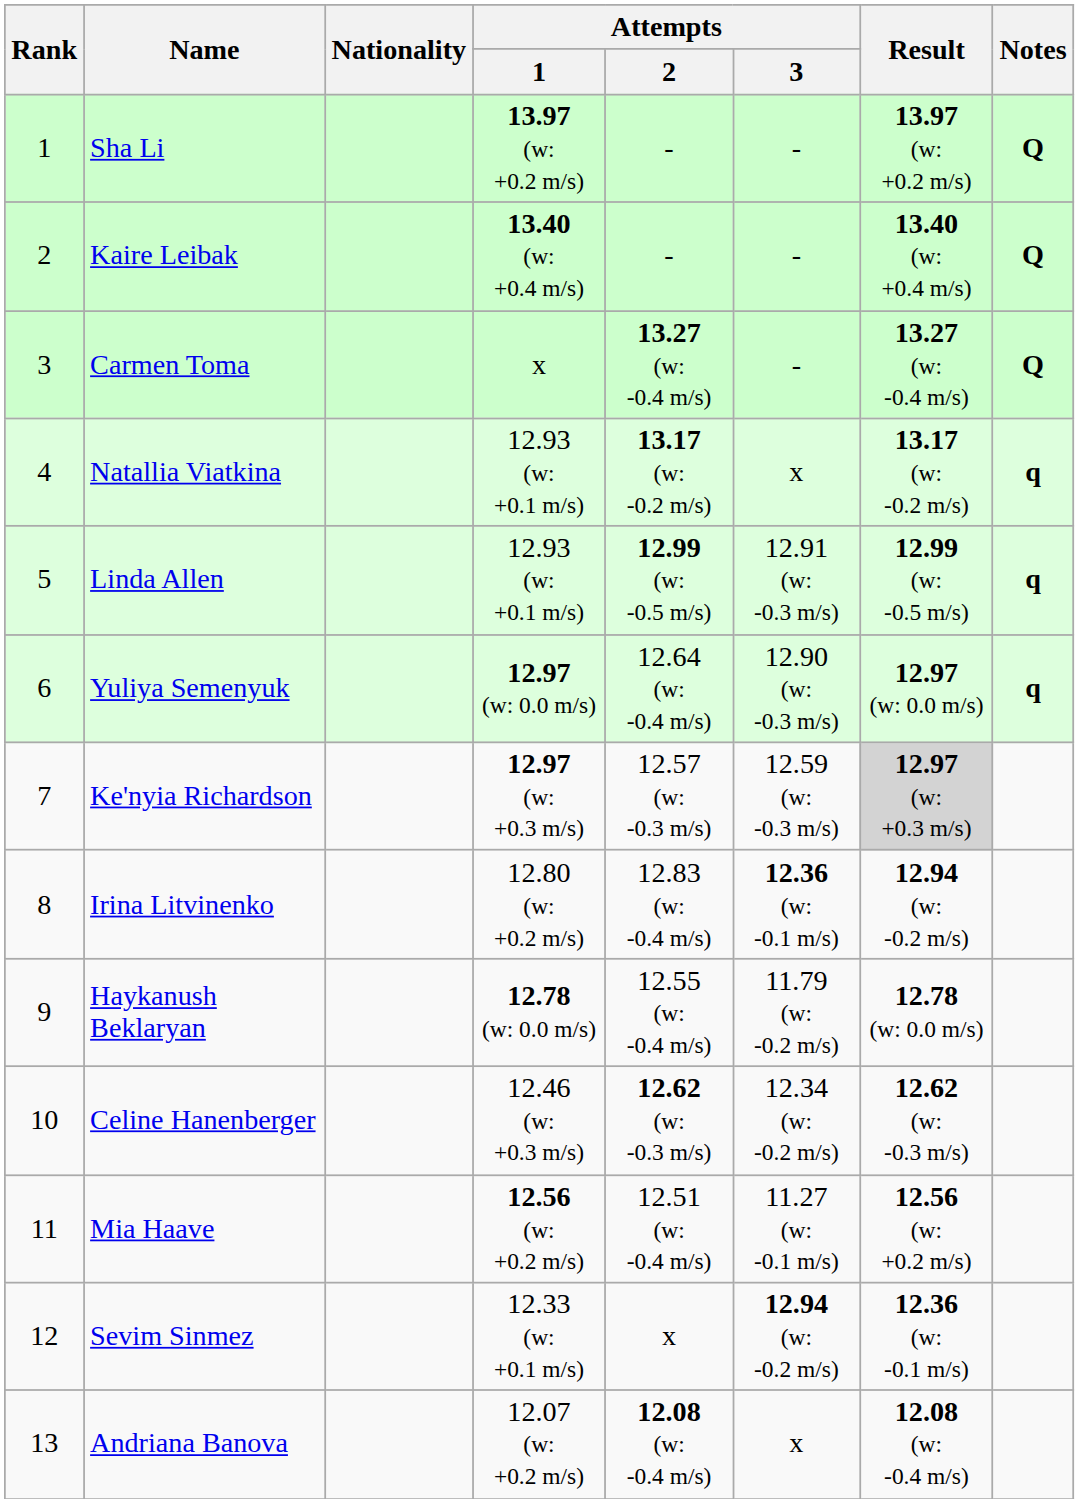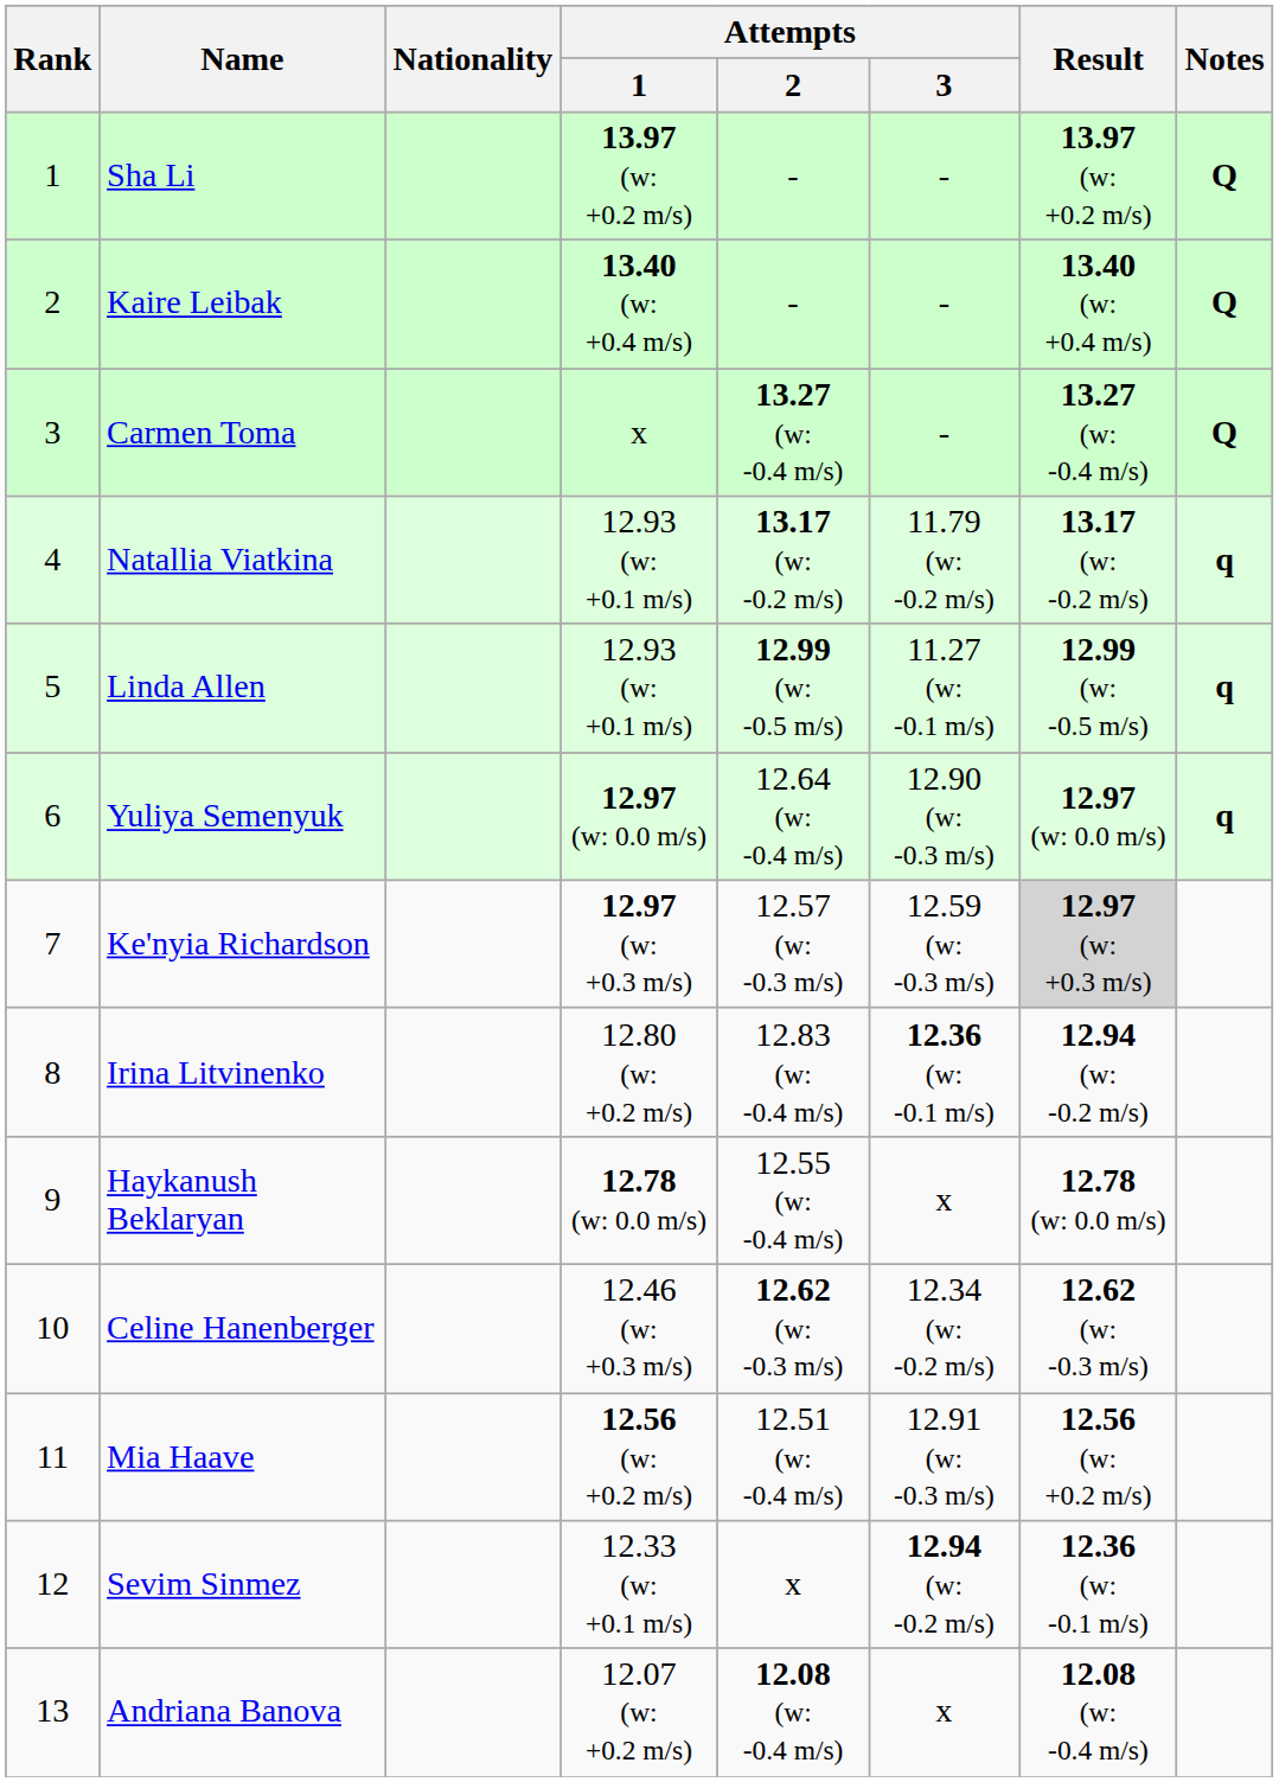 <table class="wikitable sortable" style="text-align:center">
 <tr>
 <th rowspan=2>Rank</th>
 <th rowspan=2>Name</th>
 <th rowspan=2>Nationality</th>
 <th colspan=3>Attempts</th>
 <th rowspan=2>Result</th>
 <th rowspan=2>Notes</th>
 </tr>
 <tr>
 <th>1</th>
 <th>2</th>
 <th>3</th>
 </tr>
 <tr bgcolor=ccffcc>
 <td>1</td>
 <td align=left><a href='#'>Sha Li</a></td>
 <td align=left></td>
 <td><strong>13.97</strong><br><small>(w: +0.2 m/s)</small></td>
 <td>-</td>
 <td>-</td>
 <td><strong>13.97</strong> <br><small>(w: +0.2 m/s)</small></td>
 <td><strong>Q</strong></td>
 </tr>
 <tr bgcolor=ccffcc>
 <td>2</td>
 <td align=left><a href='#'>Kaire Leibak</a></td>
 <td align=left></td>
 <td><strong>13.40</strong><br><small>(w: +0.4 m/s)</small></td>
 <td>-</td>
 <td>-</td>
 <td><strong>13.40</strong> <br><small>(w: +0.4 m/s)</small></td>
 <td><strong>Q</strong></td>
 </tr>
 <tr bgcolor=ccffcc>
 <td>3</td>
 <td align=left><a href='#'>Carmen Toma</a></td>
 <td align=left></td>
 <td>x</td>
 <td><strong>13.27</strong><br><small>(w: -0.4 m/s)</small></td>
 <td>-</td>
 <td><strong>13.27</strong> <br><small>(w: -0.4 m/s)</small></td>
 <td><strong>Q</strong></td>
 </tr>
 <tr bgcolor=ddffdd>
 <td>4</td>
 <td align=left><a href='#'>Natallia Viatkina</a></td>
 <td align=left></td>
 <td>12.93<br><small>(w: +0.1 m/s)</small></td>
 <td><strong>13.17</strong><br><small>(w: -0.2 m/s)</small></td>
-<td>x</td>
+<td>11.79<br><small>(w: -0.2 m/s)</small></td>
 <td><strong>13.17</strong> <br><small>(w: -0.2 m/s)</small></td>
 <td><strong>q</strong></td>
 </tr>
 <tr bgcolor=ddffdd>
 <td>5</td>
 <td align=left><a href='#'>Linda Allen</a></td>
 <td align=left></td>
 <td>12.93<br><small>(w: +0.1 m/s)</small></td>
 <td><strong>12.99</strong><br><small>(w: -0.5 m/s)</small></td>
-<td>12.91<br><small>(w: -0.3 m/s)</small></td>
+<td>11.27<br><small>(w: -0.1 m/s)</small></td>
 <td><strong>12.99</strong> <br><small>(w: -0.5 m/s)</small></td>
 <td><strong>q</strong></td>
 </tr>
 <tr bgcolor=ddffdd>
 <td>6</td>
 <td align=left><a href='#'>Yuliya Semenyuk</a></td>
 <td align=left></td>
 <td><strong>12.97</strong><br><small>(w: 0.0 m/s)</small></td>
 <td>12.64<br><small>(w: -0.4 m/s)</small></td>
 <td>12.90<br><small>(w: -0.3 m/s)</small></td>
 <td><strong>12.97</strong> <br><small>(w: 0.0 m/s)</small></td>
 <td><strong>q</strong></td>
 </tr>
 <tr>
 <td>7</td>
 <td align=left><a href='#'>Ke'nyia Richardson</a></td>
 <td align=left></td>
 <td><strong>12.97</strong><br><small>(w: +0.3 m/s)</small></td>
 <td>12.57<br><small>(w: -0.3 m/s)</small></td>
 <td>12.59<br><small>(w: -0.3 m/s)</small></td>
 <td style="background: lightgrey;"><strong>12.97</strong> <br><small>(w: +0.3 m/s)</small></td>
 <td></td>
 </tr>
 <tr>
 <td>8</td>
 <td align=left><a href='#'>Irina Litvinenko</a></td>
 <td align=left></td>
 <td>12.80<br><small>(w: +0.2 m/s)</small></td>
 <td>12.83<br><small>(w: -0.4 m/s)</small></td>
 <td><strong>12.36</strong><br><small>(w: -0.1 m/s)</small></td>
 <td><strong>12.94</strong> <br><small>(w: -0.2 m/s)</small></td>
 <td></td>
 </tr>
 <tr>
 <td>9</td>
 <td align=left><a href='#'>Haykanush Beklaryan</a></td>
 <td align=left></td>
 <td><strong>12.78</strong><br><small>(w: 0.0 m/s)</small></td>
 <td>12.55<br><small>(w: -0.4 m/s)</small></td>
-<td>11.79<br><small>(w: -0.2 m/s)</small></td>
+<td>x</td>
 <td><strong>12.78</strong> <br><small>(w: 0.0 m/s)</small></td>
 <td></td>
 </tr>
 <tr>
 <td>10</td>
 <td align=left><a href='#'>Celine Hanenberger</a></td>
 <td align=left></td>
 <td>12.46<br><small>(w: +0.3 m/s)</small></td>
 <td><strong>12.62</strong><br><small>(w: -0.3 m/s)</small></td>
 <td>12.34<br><small>(w: -0.2 m/s)</small></td>
 <td><strong>12.62</strong> <br><small>(w: -0.3 m/s)</small></td>
 <td></td>
 </tr>
 <tr>
 <td>11</td>
 <td align=left><a href='#'>Mia Haave</a></td>
 <td align=left></td>
 <td><strong>12.56</strong><br><small>(w: +0.2 m/s)</small></td>
 <td>12.51<br><small>(w: -0.4 m/s)</small></td>
-<td>11.27<br><small>(w: -0.1 m/s)</small></td>
+<td>12.91<br><small>(w: -0.3 m/s)</small></td>
 <td><strong>12.56</strong> <br><small>(w: +0.2 m/s)</small></td>
 <td></td>
 </tr>
 <tr>
 <td>12</td>
 <td align=left><a href='#'>Sevim Sinmez</a></td>
 <td align=left></td>
 <td>12.33<br><small>(w: +0.1 m/s)</small></td>
 <td>x</td>
 <td><strong>12.94</strong><br><small>(w: -0.2 m/s)</small></td>
 <td><strong>12.36</strong> <br><small>(w: -0.1 m/s)</small></td>
 <td></td>
 </tr>
 <tr>
 <td>13</td>
 <td align=left><a href='#'>Andriana Banova</a></td>
 <td align=left></td>
 <td>12.07<br><small>(w: +0.2 m/s)</small></td>
 <td><strong>12.08</strong><br><small>(w: -0.4 m/s)</small></td>
 <td>x</td>
 <td><strong>12.08</strong> <br><small>(w: -0.4 m/s)</small></td>
 <td></td>
 </tr>
 </table>
